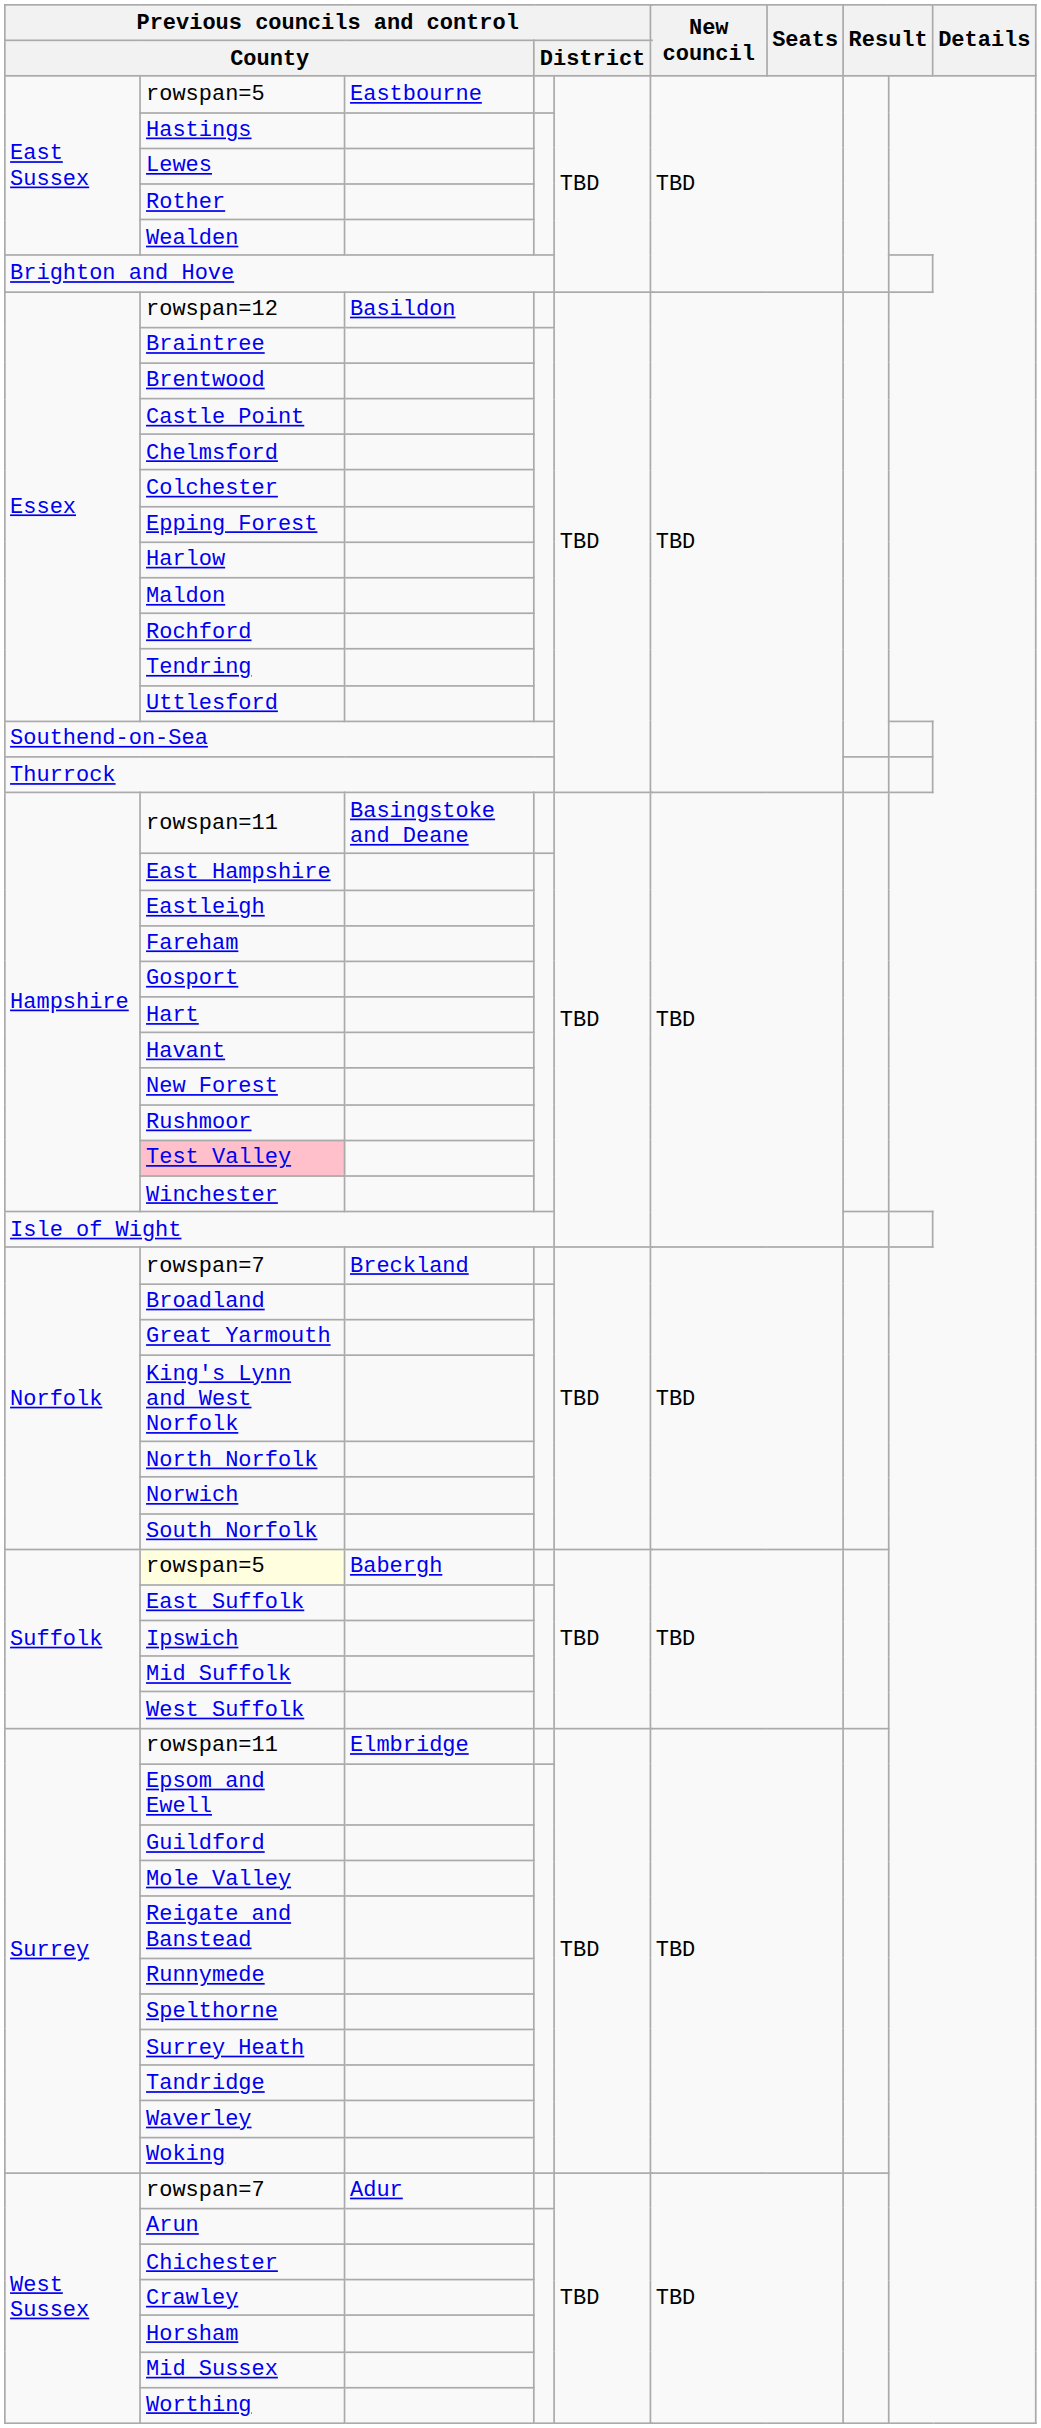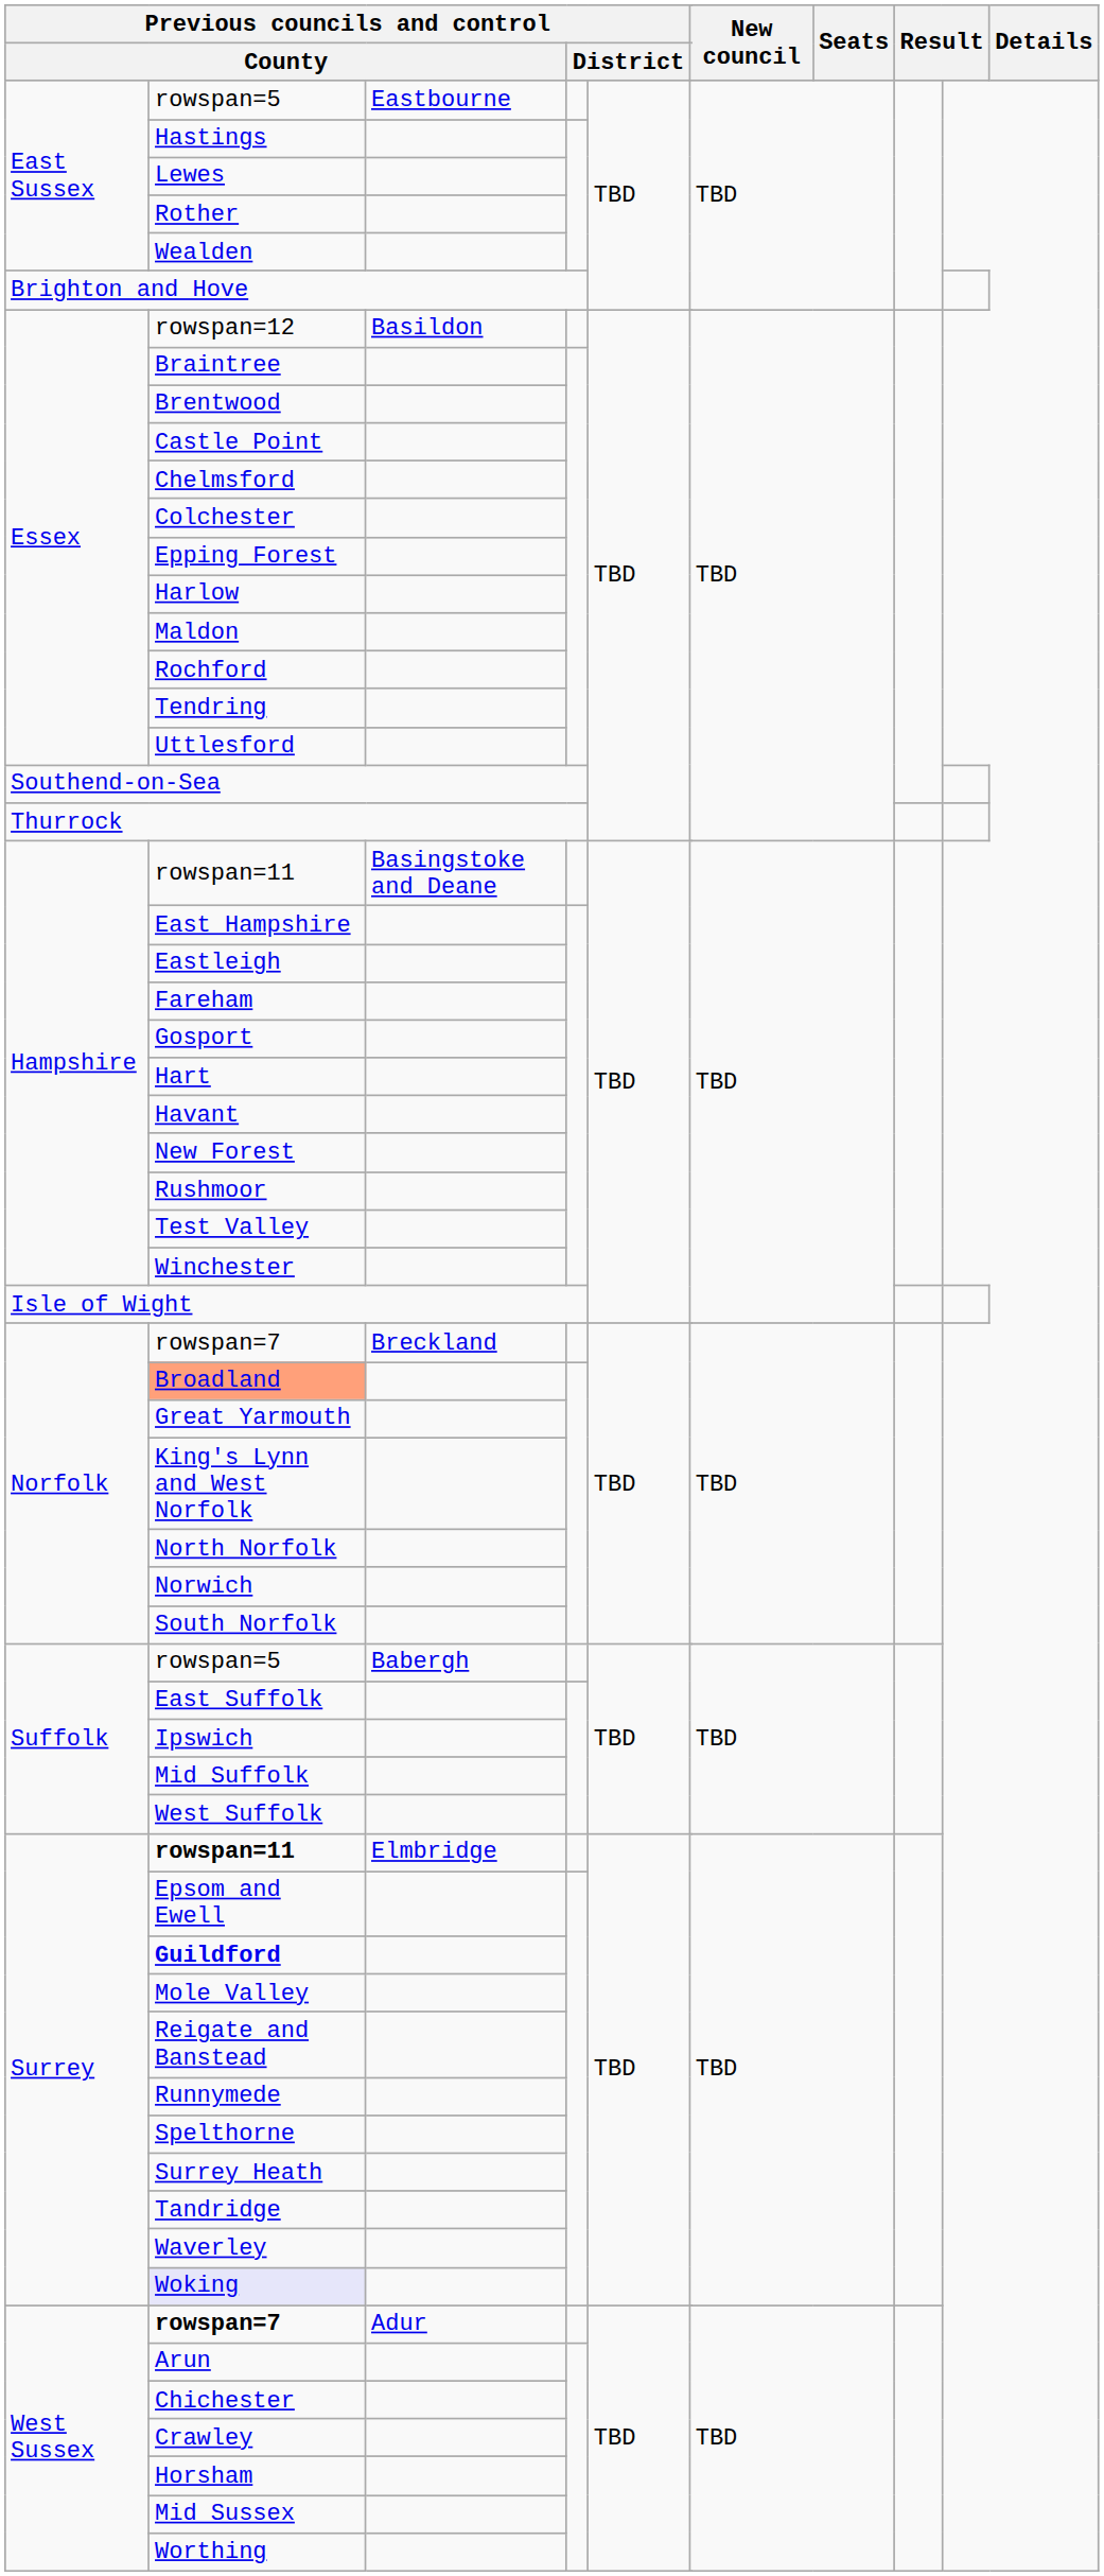 <table class="wikitable sortable">
 <tr>
 <th colspan="6">Previous councils and control</th>
 <th rowspan="2">New council</th>
 <th rowspan="2">Seats</th>
 <th rowspan="2" colspan="2">Result</th>
 <th rowspan="2">Details</th>
 </tr>
 <tr>
 <th colspan="3">County</th>
 <th colspan="3">District</th>
 </tr>
 <tr>
 <td rowspan=5><a href='#'>East Sussex</a></td>
 <td>rowspan=5 </td>
 <td><a href='#'>Eastbourne</a></td>
 <td></td>
 <td rowspan=6 colspan=2>TBD</td>
 <td rowspan=6 colspan=2>TBD</td>
 <td rowspan=6></td>
 </tr>
 <tr>
 <td><a href='#'>Hastings</a></td>
 <td></td>
 </tr>
 <tr>
 <td><a href='#'>Lewes</a></td>
 <td></td>
 </tr>
 <tr>
 <td><a href='#'>Rother</a></td>
 <td></td>
 </tr>
 <tr>
 <td><a href='#'>Wealden</a></td>
 <td></td>
 </tr>
 <tr>
 <td colspan=4><a href='#'>Brighton and Hove</a></td>
 <td></td>
 </tr>
 <tr>
 <td rowspan=12><a href='#'>Essex</a></td>
 <td>rowspan=12 </td>
 <td><a href='#'>Basildon</a></td>
 <td></td>
 <td rowspan=14 colspan=2>TBD</td>
 <td rowspan=14 colspan=2>TBD</td>
 <td rowspan=13></td>
 </tr>
 <tr>
 <td><a href='#'>Braintree</a></td>
 <td></td>
 </tr>
 <tr>
 <td><a href='#'>Brentwood</a></td>
 <td></td>
 </tr>
 <tr>
 <td><a href='#'>Castle Point</a></td>
 <td></td>
 </tr>
 <tr>
 <td><a href='#'>Chelmsford</a></td>
 <td></td>
 </tr>
 <tr>
 <td><a href='#'>Colchester</a></td>
 <td></td>
 </tr>
 <tr>
 <td><a href='#'>Epping Forest</a></td>
 <td></td>
 </tr>
 <tr>
 <td><a href='#'>Harlow</a></td>
 <td></td>
 </tr>
 <tr>
 <td><a href='#'>Maldon</a></td>
 <td></td>
 </tr>
 <tr>
 <td><a href='#'>Rochford</a></td>
 <td></td>
 </tr>
 <tr>
 <td><a href='#'>Tendring</a></td>
 <td></td>
 </tr>
 <tr>
 <td><a href='#'>Uttlesford</a></td>
 <td></td>
 </tr>
 <tr>
 <td colspan=4><a href='#'>Southend-on-Sea</a></td>
 <td></td>
 </tr>
 <tr>
 <td colspan=4><a href='#'>Thurrock</a></td>
 <td></td>
 <td></td>
 </tr>
 <tr>
 <td rowspan=11><a href='#'>Hampshire</a></td>
 <td>rowspan=11 </td>
 <td><a href='#'>Basingstoke and Deane</a></td>
 <td></td>
 <td rowspan=12 colspan=2>TBD</td>
 <td rowspan=12 colspan=2>TBD</td>
 <td rowspan=11></td>
 </tr>
 <tr>
 <td><a href='#'>East Hampshire</a></td>
 <td></td>
 </tr>
 <tr>
 <td><a href='#'>Eastleigh</a></td>
 <td></td>
 </tr>
 <tr>
 <td><a href='#'>Fareham</a></td>
 <td></td>
 </tr>
 <tr>
 <td><a href='#'>Gosport</a></td>
 <td></td>
 </tr>
 <tr>
 <td><a href='#'>Hart</a></td>
 <td></td>
 </tr>
 <tr>
 <td><a href='#'>Havant</a></td>
 <td></td>
 </tr>
 <tr>
 <td><a href='#'>New Forest</a></td>
 <td></td>
 </tr>
 <tr>
 <td><a href='#'>Rushmoor</a></td>
 <td></td>
 </tr>
 <tr>
-<td style="background: pink;"><a href='#'>Test Valley</a></td>
+<td><a href='#'>Test Valley</a></td>
 <td></td>
 </tr>
 <tr>
 <td><a href='#'>Winchester</a></td>
 <td></td>
 </tr>
 <tr>
 <td colspan=4><a href='#'>Isle of Wight</a></td>
 <td></td>
 <td></td>
 </tr>
 <tr>
 <td rowspan=7><a href='#'>Norfolk</a></td>
 <td>rowspan=7 </td>
 <td><a href='#'>Breckland</a></td>
 <td></td>
 <td rowspan=7 colspan=2>TBD</td>
 <td rowspan=7 colspan=2>TBD</td>
 <td rowspan=7></td>
 </tr>
 <tr>
-<td><a href='#'>Broadland</a></td>
+<td style="background: lightsalmon;"><a href='#'>Broadland</a></td>
 <td></td>
 </tr>
 <tr>
 <td><a href='#'>Great Yarmouth</a></td>
 <td></td>
 </tr>
 <tr>
 <td><a href='#'>King's Lynn and West Norfolk</a></td>
 <td></td>
 </tr>
 <tr>
 <td><a href='#'>North Norfolk</a></td>
 <td></td>
 </tr>
 <tr>
 <td><a href='#'>Norwich</a></td>
 <td></td>
 </tr>
 <tr>
 <td><a href='#'>South Norfolk</a></td>
 <td></td>
 </tr>
 <tr>
 <td rowspan=5><a href='#'>Suffolk</a></td>
-<td style="background: lightyellow;">rowspan=5 </td>
+<td>rowspan=5 </td>
 <td><a href='#'>Babergh</a></td>
 <td></td>
 <td rowspan=5 colspan=2>TBD</td>
 <td rowspan=5 colspan=2>TBD</td>
 <td rowspan=5></td>
 </tr>
 <tr>
 <td><a href='#'>East Suffolk</a></td>
 <td></td>
 </tr>
 <tr>
 <td><a href='#'>Ipswich</a></td>
 <td></td>
 </tr>
 <tr>
 <td><a href='#'>Mid Suffolk</a></td>
 <td></td>
 </tr>
 <tr>
 <td><a href='#'>West Suffolk</a></td>
 <td></td>
 </tr>
 <tr>
 <td rowspan=11><a href='#'>Surrey</a></td>
-<td>rowspan=11 </td>
+<td><strong>rowspan=11 </strong></td>
 <td><a href='#'>Elmbridge</a></td>
 <td></td>
 <td rowspan=11 colspan=2>TBD</td>
 <td rowspan=11 colspan=2>TBD</td>
 <td rowspan=11></td>
 </tr>
 <tr>
 <td><a href='#'>Epsom and Ewell</a></td>
 <td></td>
 </tr>
 <tr>
-<td><a href='#'>Guildford</a></td>
+<td><strong><a href='#'>Guildford</a></strong></td>
 <td></td>
 </tr>
 <tr>
 <td><a href='#'>Mole Valley</a></td>
 <td></td>
 </tr>
 <tr>
 <td><a href='#'>Reigate and Banstead</a></td>
 <td></td>
 </tr>
 <tr>
 <td><a href='#'>Runnymede</a></td>
 <td></td>
 </tr>
 <tr>
 <td><a href='#'>Spelthorne</a></td>
 <td></td>
 </tr>
 <tr>
 <td><a href='#'>Surrey Heath</a></td>
 <td></td>
 </tr>
 <tr>
 <td><a href='#'>Tandridge</a></td>
 <td></td>
 </tr>
 <tr>
 <td><a href='#'>Waverley</a></td>
 <td></td>
 </tr>
 <tr>
-<td><a href='#'>Woking</a></td>
+<td style="background: lavender;"><a href='#'>Woking</a></td>
 <td></td>
 </tr>
 <tr>
 <td rowspan=7><a href='#'>West Sussex</a></td>
-<td>rowspan=7 </td>
+<td><strong>rowspan=7 </strong></td>
 <td><a href='#'>Adur</a></td>
 <td></td>
 <td rowspan=7 colspan=2>TBD</td>
 <td rowspan=7 colspan=2>TBD</td>
 <td rowspan=7></td>
 </tr>
 <tr>
 <td><a href='#'>Arun</a></td>
 <td></td>
 </tr>
 <tr>
 <td><a href='#'>Chichester</a></td>
 <td></td>
 </tr>
 <tr>
 <td><a href='#'>Crawley</a></td>
 <td></td>
 </tr>
 <tr>
 <td><a href='#'>Horsham</a></td>
 <td></td>
 </tr>
 <tr>
 <td><a href='#'>Mid Sussex</a></td>
 <td></td>
 </tr>
 <tr>
 <td><a href='#'>Worthing</a></td>
 <td></td>
 </tr>
 </table>
